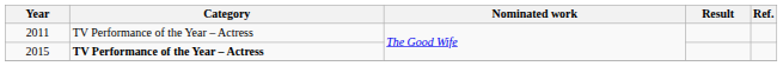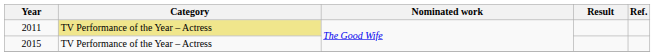 <table class=wikitable>
 <tr>
 <th scope="col" style="width:5em;">Year</th>
 <th scope="col" style="width:26em;">Category</th>
 <th scope="col" style="width:25em;">Nominated work</th>
 <th scope="col" style="width:5em;">Result</th>
 <th>Ref.</th>
 </tr>
 <tr>
 <td style="text-align:center;">2011</td>
-<td>TV Performance of the Year – Actress</td>
+<td style="background: khaki;">TV Performance of the Year – Actress</td>
 <td rowspan="2"><em><a href='#'>The Good Wife</a></em></td>
 <td></td>
 <td></td>
 </tr>
 <tr>
 <td style="text-align:center;">2015</td>
-<td><strong>TV Performance of the Year – Actress</strong></td>
+<td>TV Performance of the Year – Actress</td>
 <td></td>
 <td></td>
 </tr>
 <tr>
 </tr>
 </table>
